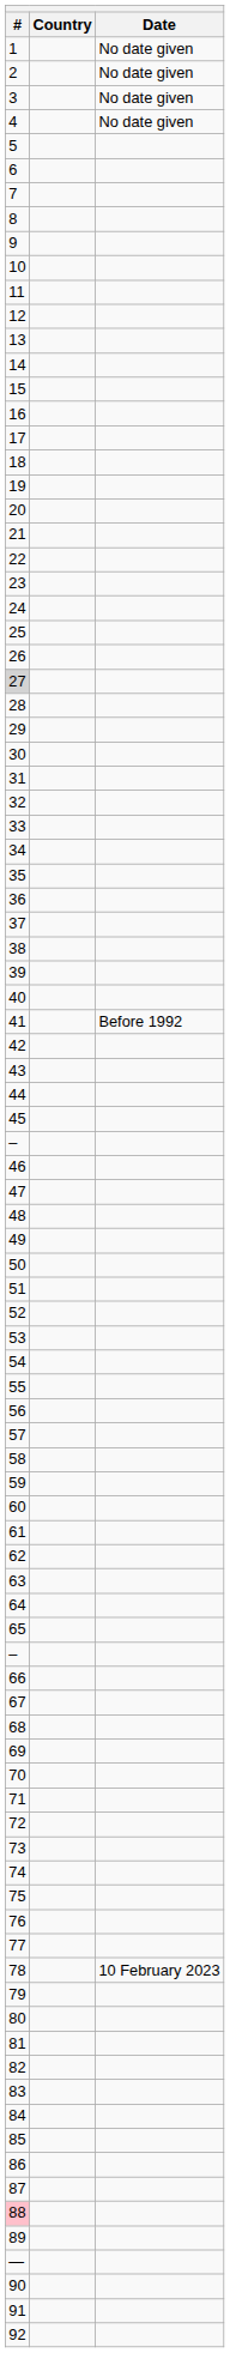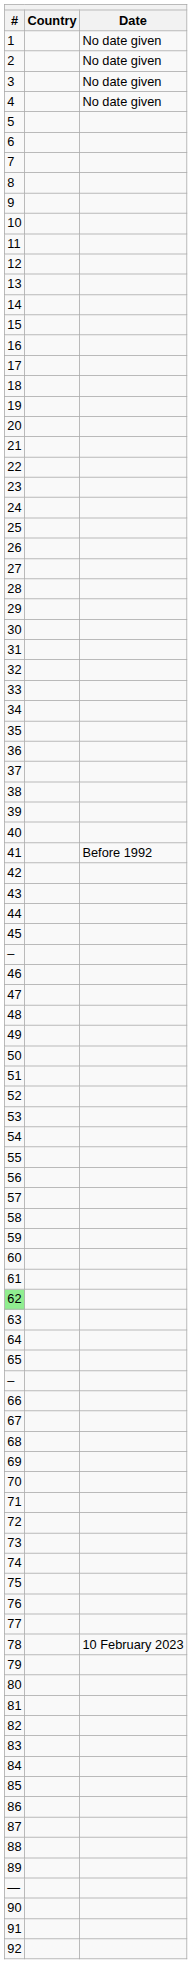 <table class="wikitable sortable">
 <tr>
 <th colspan="3"></th>
 </tr>
 <tr>
 <th>#</th>
 <th>Country</th>
 <th>Date</th>
 </tr>
 <tr>
 <td>1</td>
 <td></td>
 <td>No date given</td>
 </tr>
 <tr>
 <td>2</td>
 <td></td>
 <td>No date given</td>
 </tr>
 <tr>
 <td>3</td>
 <td></td>
 <td>No date given</td>
 </tr>
 <tr>
 <td>4</td>
 <td></td>
 <td>No date given</td>
 </tr>
 <tr>
 <td>5</td>
 <td></td>
 <td></td>
 </tr>
 <tr>
 <td>6</td>
 <td></td>
 <td></td>
 </tr>
 <tr>
 <td>7</td>
 <td></td>
 <td></td>
 </tr>
 <tr>
 <td>8</td>
 <td></td>
 <td></td>
 </tr>
 <tr>
 <td>9</td>
 <td></td>
 <td></td>
 </tr>
 <tr>
 <td>10</td>
 <td></td>
 <td></td>
 </tr>
 <tr>
 <td>11</td>
 <td></td>
 <td></td>
 </tr>
 <tr>
 <td>12</td>
 <td></td>
 <td></td>
 </tr>
 <tr>
 <td>13</td>
 <td></td>
 <td></td>
 </tr>
 <tr>
 <td>14</td>
 <td></td>
 <td></td>
 </tr>
 <tr>
 <td>15</td>
 <td></td>
 <td></td>
 </tr>
 <tr>
 <td>16</td>
 <td></td>
 <td></td>
 </tr>
 <tr>
 <td>17</td>
 <td></td>
 <td></td>
 </tr>
 <tr>
 <td>18</td>
 <td></td>
 <td></td>
 </tr>
 <tr>
 <td>19</td>
 <td></td>
 <td></td>
 </tr>
 <tr>
 <td>20</td>
 <td></td>
 <td></td>
 </tr>
 <tr>
 <td>21</td>
 <td></td>
 <td></td>
 </tr>
 <tr>
 <td>22</td>
 <td></td>
 <td></td>
 </tr>
 <tr>
 <td>23</td>
 <td></td>
 <td></td>
 </tr>
 <tr>
 <td>24</td>
 <td></td>
 <td></td>
 </tr>
 <tr>
 <td>25</td>
 <td></td>
 <td></td>
 </tr>
 <tr>
 <td>26</td>
 <td></td>
 <td></td>
 </tr>
 <tr>
-<td style="background: lightgrey;">27</td>
+<td>27</td>
 <td></td>
 <td></td>
 </tr>
 <tr>
 <td>28</td>
 <td></td>
 <td></td>
 </tr>
 <tr>
 <td>29</td>
 <td></td>
 <td></td>
 </tr>
 <tr>
 <td>30</td>
 <td></td>
 <td></td>
 </tr>
 <tr>
 <td>31</td>
 <td></td>
 <td></td>
 </tr>
 <tr>
 <td>32</td>
 <td></td>
 <td></td>
 </tr>
 <tr>
 <td>33</td>
 <td></td>
 <td></td>
 </tr>
 <tr>
 <td>34</td>
 <td></td>
 <td></td>
 </tr>
 <tr>
 <td>35</td>
 <td></td>
 <td></td>
 </tr>
 <tr>
 <td>36</td>
 <td></td>
 <td></td>
 </tr>
 <tr>
 <td>37</td>
 <td></td>
 <td></td>
 </tr>
 <tr>
 <td>38</td>
 <td></td>
 <td></td>
 </tr>
 <tr>
 <td>39</td>
 <td></td>
 <td></td>
 </tr>
 <tr>
 <td>40</td>
 <td></td>
 <td></td>
 </tr>
 <tr>
 <td>41</td>
 <td></td>
 <td>Before 1992</td>
 </tr>
 <tr>
 <td>42</td>
 <td></td>
 <td></td>
 </tr>
 <tr>
 <td>43</td>
 <td></td>
 <td></td>
 </tr>
 <tr>
 <td>44</td>
 <td></td>
 <td></td>
 </tr>
 <tr>
 <td>45</td>
 <td></td>
 <td></td>
 </tr>
 <tr>
 <td>–</td>
 <td></td>
 <td></td>
 </tr>
 <tr>
 <td>46</td>
 <td></td>
 <td></td>
 </tr>
 <tr>
 <td>47</td>
 <td></td>
 <td></td>
 </tr>
 <tr>
 <td>48</td>
 <td></td>
 <td></td>
 </tr>
 <tr>
 <td>49</td>
 <td></td>
 <td></td>
 </tr>
 <tr>
 <td>50</td>
 <td></td>
 <td></td>
 </tr>
 <tr>
 <td>51</td>
 <td></td>
 <td></td>
 </tr>
 <tr>
 <td>52</td>
 <td></td>
 <td></td>
 </tr>
 <tr>
 <td>53</td>
 <td></td>
 <td></td>
 </tr>
 <tr>
 <td>54</td>
 <td></td>
 <td></td>
 </tr>
 <tr>
 <td>55</td>
 <td></td>
 <td></td>
 </tr>
 <tr>
 <td>56</td>
 <td></td>
 <td></td>
 </tr>
 <tr>
 <td>57</td>
 <td></td>
 <td></td>
 </tr>
 <tr>
 <td>58</td>
 <td></td>
 <td></td>
 </tr>
 <tr>
 <td>59</td>
 <td></td>
 <td></td>
 </tr>
 <tr>
 <td>60</td>
 <td></td>
 <td></td>
 </tr>
 <tr>
 <td>61</td>
 <td></td>
 <td></td>
 </tr>
 <tr>
-<td>62</td>
+<td style="background: lightgreen;">62</td>
 <td></td>
 <td></td>
 </tr>
 <tr>
 <td>63</td>
 <td></td>
 <td></td>
 </tr>
 <tr>
 <td>64</td>
 <td></td>
 <td></td>
 </tr>
 <tr>
 <td>65</td>
 <td></td>
 <td></td>
 </tr>
 <tr>
 <td>–</td>
 <td></td>
 <td></td>
 </tr>
 <tr>
 <td>66</td>
 <td></td>
 <td></td>
 </tr>
 <tr>
 <td>67</td>
 <td></td>
 <td></td>
 </tr>
 <tr>
 <td>68</td>
 <td></td>
 <td></td>
 </tr>
 <tr>
 <td>69</td>
 <td></td>
 <td></td>
 </tr>
 <tr>
 <td>70</td>
 <td></td>
 <td></td>
 </tr>
 <tr>
 <td>71</td>
 <td></td>
 <td></td>
 </tr>
 <tr>
 <td>72</td>
 <td></td>
 <td></td>
 </tr>
 <tr>
 <td>73</td>
 <td></td>
 <td></td>
 </tr>
 <tr>
 <td>74</td>
 <td></td>
 <td></td>
 </tr>
 <tr>
 <td>75</td>
 <td></td>
 <td></td>
 </tr>
 <tr>
 <td>76</td>
 <td></td>
 <td></td>
 </tr>
 <tr>
 <td>77</td>
 <td></td>
 <td></td>
 </tr>
 <tr>
 <td>78</td>
 <td></td>
 <td>10 February 2023</td>
 </tr>
 <tr>
 <td>79</td>
 <td></td>
 <td></td>
 </tr>
 <tr>
 <td>80</td>
 <td></td>
 <td></td>
 </tr>
 <tr>
 <td>81</td>
 <td></td>
 <td></td>
 </tr>
 <tr>
 <td>82</td>
 <td></td>
 <td></td>
 </tr>
 <tr>
 <td>83</td>
 <td></td>
 <td></td>
 </tr>
 <tr>
 <td>84</td>
 <td></td>
 <td></td>
 </tr>
 <tr>
 <td>85</td>
 <td></td>
 <td></td>
 </tr>
 <tr>
 <td>86</td>
 <td></td>
 <td></td>
 </tr>
 <tr>
 <td>87</td>
 <td></td>
 <td></td>
 </tr>
 <tr>
-<td style="background: pink;">88</td>
+<td>88</td>
 <td></td>
 <td></td>
 </tr>
 <tr>
 <td>89</td>
 <td></td>
 <td></td>
 </tr>
 <tr>
 <td>—</td>
 <td></td>
 <td></td>
 </tr>
 <tr>
 <td>90</td>
 <td></td>
 <td></td>
 </tr>
 <tr>
 <td>91</td>
 <td></td>
 <td></td>
 </tr>
 <tr>
 <td>92</td>
 <td></td>
 <td></td>
 </tr>
 </table>
